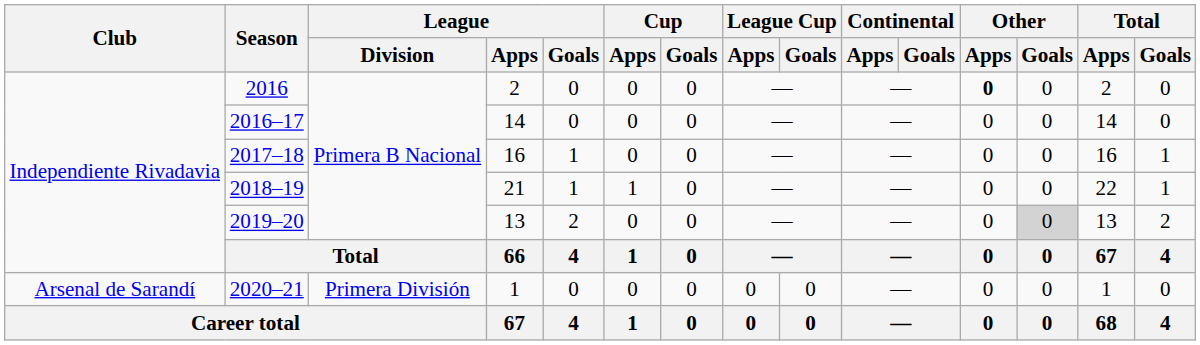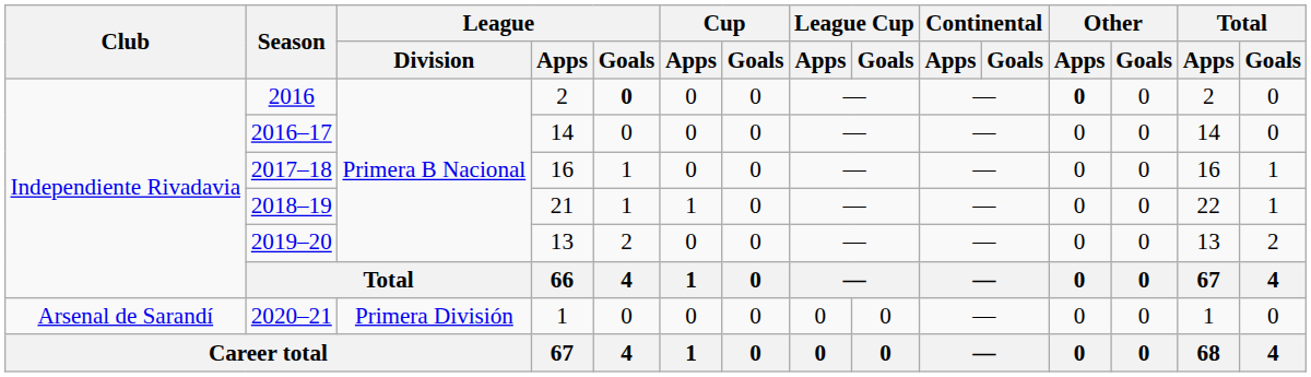 <table class="wikitable" style="text-align:center">
 <tr>
 <th rowspan="2">Club</th>
 <th rowspan="2">Season</th>
 <th colspan="3">League</th>
 <th colspan="2">Cup</th>
 <th colspan="2">League Cup</th>
 <th colspan="2">Continental</th>
 <th colspan="2">Other</th>
 <th colspan="2">Total</th>
 </tr>
 <tr>
 <th>Division</th>
 <th>Apps</th>
 <th>Goals</th>
 <th>Apps</th>
 <th>Goals</th>
 <th>Apps</th>
 <th>Goals</th>
 <th>Apps</th>
 <th>Goals</th>
 <th>Apps</th>
 <th>Goals</th>
 <th>Apps</th>
 <th>Goals</th>
 </tr>
 <tr>
 <td rowspan="6"><a href='#'>Independiente Rivadavia</a></td>
 <td><a href='#'>2016</a></td>
 <td rowspan="5"><a href='#'>Primera B Nacional</a></td>
 <td>2</td>
-<td>0</td>
+<td><strong>0</strong></td>
 <td>0</td>
 <td>0</td>
 <td colspan="2">—</td>
 <td colspan="2">—</td>
 <td><strong>0</strong></td>
 <td>0</td>
 <td>2</td>
 <td>0</td>
 </tr>
 <tr>
 <td><a href='#'>2016–17</a></td>
 <td>14</td>
 <td>0</td>
 <td>0</td>
 <td>0</td>
 <td colspan="2">—</td>
 <td colspan="2">—</td>
 <td>0</td>
 <td>0</td>
 <td>14</td>
 <td>0</td>
 </tr>
 <tr>
 <td><a href='#'>2017–18</a></td>
 <td>16</td>
 <td>1</td>
 <td>0</td>
 <td>0</td>
 <td colspan="2">—</td>
 <td colspan="2">—</td>
 <td>0</td>
 <td>0</td>
 <td>16</td>
 <td>1</td>
 </tr>
 <tr>
 <td><a href='#'>2018–19</a></td>
 <td>21</td>
 <td>1</td>
 <td>1</td>
 <td>0</td>
 <td colspan="2">—</td>
 <td colspan="2">—</td>
 <td>0</td>
 <td>0</td>
 <td>22</td>
 <td>1</td>
 </tr>
 <tr>
 <td><a href='#'>2019–20</a></td>
 <td>13</td>
 <td>2</td>
 <td>0</td>
 <td>0</td>
 <td colspan="2">—</td>
 <td colspan="2">—</td>
 <td>0</td>
-<td style="background: lightgrey;">0</td>
+<td>0</td>
 <td>13</td>
 <td>2</td>
 </tr>
 <tr>
 <th colspan="2">Total</th>
 <th>66</th>
 <th>4</th>
 <th>1</th>
 <th>0</th>
 <th colspan="2">—</th>
 <th colspan="2">—</th>
 <th>0</th>
 <th>0</th>
 <th>67</th>
 <th>4</th>
 </tr>
 <tr>
 <td rowspan="1"><a href='#'>Arsenal de Sarandí</a></td>
 <td><a href='#'>2020–21</a></td>
 <td rowspan="1"><a href='#'>Primera División</a></td>
 <td>1</td>
 <td>0</td>
 <td>0</td>
 <td>0</td>
 <td>0</td>
 <td>0</td>
 <td colspan="2">—</td>
 <td>0</td>
 <td>0</td>
 <td>1</td>
 <td>0</td>
 </tr>
 <tr>
 <th colspan="3">Career total</th>
 <th>67</th>
 <th>4</th>
 <th>1</th>
 <th>0</th>
 <th>0</th>
 <th>0</th>
 <th colspan="2">—</th>
 <th>0</th>
 <th>0</th>
 <th>68</th>
 <th>4</th>
 </tr>
 </table>
